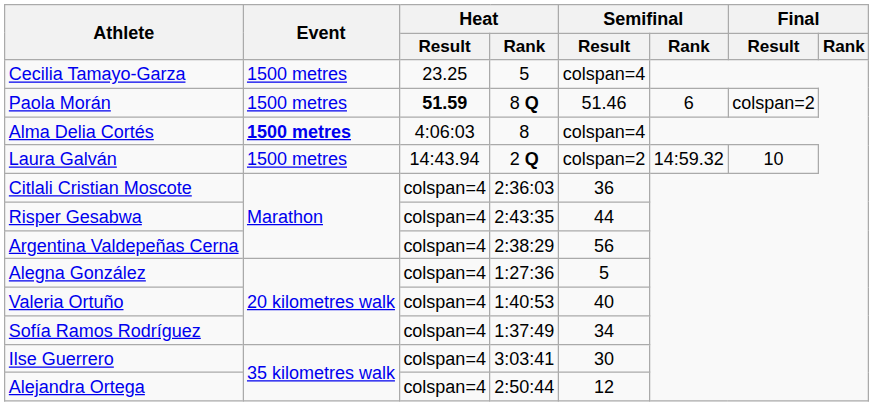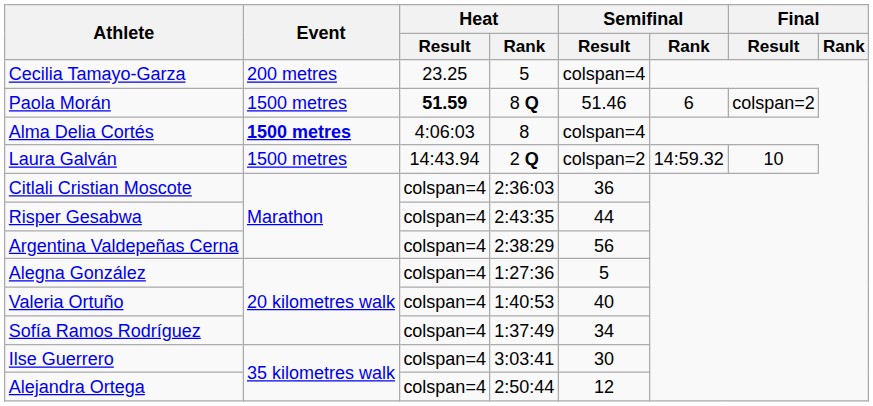 <table class="wikitable" style="font-size:90%">
 <tr>
 <th rowspan="2">Athlete</th>
 <th rowspan="2">Event</th>
 <th colspan="2">Heat</th>
 <th colspan="2">Semifinal</th>
 <th colspan="2">Final</th>
 </tr>
 <tr style="font-size:95%">
 <th>Result</th>
 <th>Rank</th>
 <th>Result</th>
 <th>Rank</th>
 <th>Result</th>
 <th>Rank</th>
 </tr>
 <tr style=text-align:center>
 <td style=text-align:left><a href='#'>Cecilia Tamayo-Garza</a></td>
-<td style=text-align:left><a href='#'>1500 metres</a></td>
+<td style=text-align:left><a href='#'>200 metres</a></td>
 <td>23.25</td>
 <td>5</td>
 <td>colspan=4 </td>
 </tr>
 <tr style=text-align:center>
 <td style=text-align:left><a href='#'>Paola Morán</a></td>
 <td style=text-align:left><a href='#'>1500 metres</a></td>
 <td><strong>51.59</strong></td>
 <td>8 <strong>Q</strong></td>
 <td>51.46</td>
 <td>6</td>
 <td>colspan=2 </td>
 </tr>
 <tr style=text-align:center>
 <td style=text-align:left><a href='#'>Alma Delia Cortés</a></td>
 <td style=text-align:left><strong><a href='#'>1500 metres</a></strong></td>
 <td>4:06:03 </td>
 <td>8</td>
 <td>colspan=4 </td>
 </tr>
 <tr style=text-align:center>
 <td style=text-align:left><a href='#'>Laura Galván</a></td>
 <td style=text-align:left><a href='#'>1500 metres</a></td>
 <td>14:43.94 </td>
 <td>2 <strong>Q</strong></td>
 <td>colspan=2 </td>
 <td>14:59.32</td>
 <td>10</td>
 </tr>
 <tr style=text-align:center>
 <td style=text-align:left><a href='#'>Citlali Cristian Moscote</a></td>
 <td style=text-align:left rowspan=3><a href='#'>Marathon</a></td>
 <td>colspan=4 </td>
 <td>2:36:03</td>
 <td>36</td>
 </tr>
 <tr style=text-align:center>
 <td style=text-align:left><a href='#'>Risper Gesabwa</a></td>
 <td>colspan=4 </td>
 <td>2:43:35</td>
 <td>44</td>
 </tr>
 <tr style=text-align:center>
 <td style=text-align:left><a href='#'>Argentina Valdepeñas Cerna</a></td>
 <td>colspan=4 </td>
 <td>2:38:29</td>
 <td>56</td>
 </tr>
 <tr style=text-align:center>
 <td style=text-align:left><a href='#'>Alegna González</a></td>
 <td style=text-align:left rowspan=3><a href='#'>20 kilometres walk</a></td>
 <td>colspan=4 </td>
 <td>1:27:36</td>
 <td>5</td>
 </tr>
 <tr style=text-align:center>
 <td style=text-align:left><a href='#'>Valeria Ortuño</a></td>
 <td>colspan=4 </td>
 <td>1:40:53</td>
 <td>40</td>
 </tr>
 <tr style=text-align:center>
 <td style=text-align:left><a href='#'>Sofía Ramos Rodríguez</a></td>
 <td>colspan=4 </td>
 <td>1:37:49</td>
 <td>34</td>
 </tr>
 <tr style=text-align:center>
 <td style=text-align:left><a href='#'>Ilse Guerrero</a></td>
 <td style=text-align:left rowspan=2><a href='#'>35 kilometres walk</a></td>
 <td>colspan=4 </td>
 <td>3:03:41 </td>
 <td>30</td>
 </tr>
 <tr style=text-align:center>
 <td style=text-align:left><a href='#'>Alejandra Ortega</a></td>
 <td>colspan=4 </td>
 <td>2:50:44 </td>
 <td>12</td>
 </tr>
 </table>
